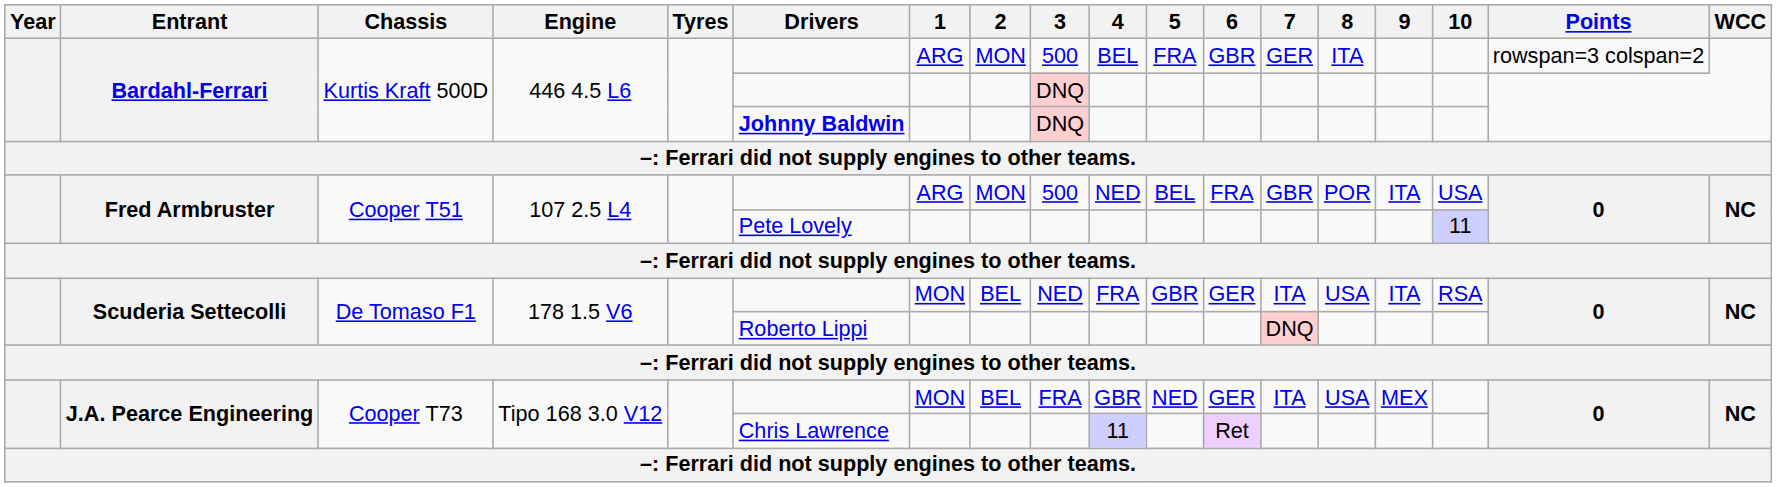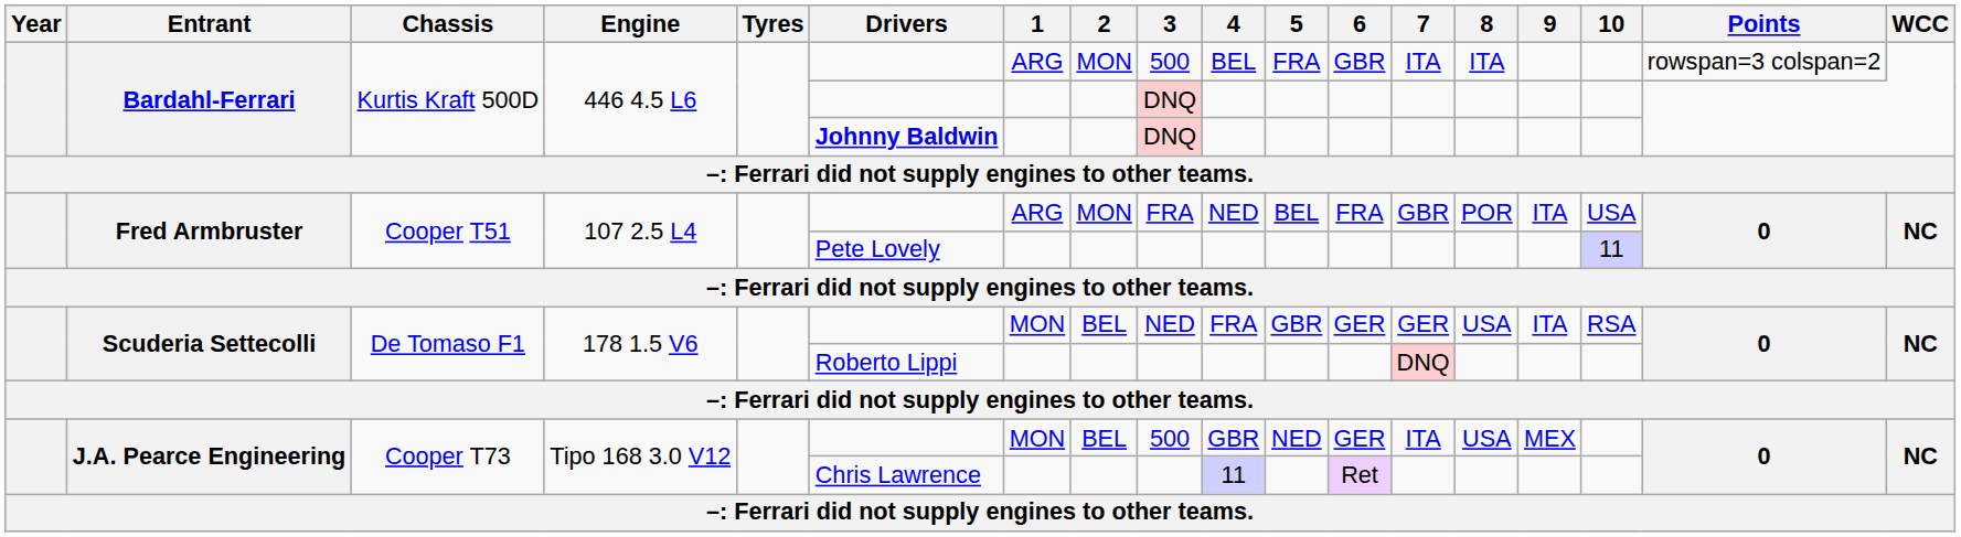 <table class="wikitable" style="text-align:center; font-size:85%">
 <tr>
 <th>Year</th>
 <th>Entrant</th>
 <th>Chassis</th>
 <th>Engine</th>
 <th>Tyres</th>
 <th>Drivers</th>
 <th>1</th>
 <th>2</th>
 <th>3</th>
 <th>4</th>
 <th>5</th>
 <th>6</th>
 <th>7</th>
 <th>8</th>
 <th>9</th>
 <th>10</th>
 <th><a href='#'>Points</a></th>
 <th>WCC</th>
 </tr>
 <tr>
 <th rowspan=3></th>
 <th rowspan=3><a href='#'>Bardahl-Ferrari</a></th>
 <td rowspan=3><a href='#'>Kurtis Kraft</a> 500D</td>
 <td rowspan=3>446 4.5 <a href='#'>L6</a></td>
 <td rowspan=3></td>
 <td></td>
 <td><a href='#'>ARG</a></td>
 <td><a href='#'>MON</a></td>
 <td><a href='#'>500</a></td>
 <td><a href='#'>BEL</a></td>
 <td><a href='#'>FRA</a></td>
 <td><a href='#'>GBR</a></td>
-<td><a href='#'>GER</a></td>
+<td><a href='#'>ITA</a></td>
 <td><a href='#'>ITA</a></td>
 <td></td>
 <td></td>
 <td>rowspan=3 colspan=2 </td>
 </tr>
 <tr>
 <td align="left"></td>
 <td></td>
 <td></td>
 <td style="background-color:#FFCFCF">DNQ</td>
 <td></td>
 <td></td>
 <td></td>
 <td></td>
 <td></td>
 <td></td>
 <td></td>
 </tr>
 <tr>
 <td align="left"><strong> <a href='#'>Johnny Baldwin</a></strong></td>
 <td></td>
 <td></td>
 <td style="background-color:#FFCFCF">DNQ</td>
 <td></td>
 <td></td>
 <td></td>
 <td></td>
 <td></td>
 <td></td>
 <td></td>
 </tr>
 <tr>
 <th colspan="29">–: Ferrari did not supply engines to other teams.</th>
 </tr>
 <tr>
 <th rowspan=2></th>
 <th rowspan=2>Fred Armbruster</th>
 <td rowspan=2><a href='#'>Cooper</a> <a href='#'>T51</a></td>
 <td rowspan=2>107 2.5 <a href='#'>L4</a></td>
 <td rowspan=2></td>
 <td></td>
 <td><a href='#'>ARG</a></td>
 <td><a href='#'>MON</a></td>
-<td><a href='#'>500</a></td>
+<td><a href='#'>FRA</a></td>
 <td><a href='#'>NED</a></td>
 <td><a href='#'>BEL</a></td>
 <td><a href='#'>FRA</a></td>
 <td><a href='#'>GBR</a></td>
 <td><a href='#'>POR</a></td>
 <td><a href='#'>ITA</a></td>
 <td><a href='#'>USA</a></td>
 <th rowspan="2">0</th>
 <th rowspan="2">NC</th>
 </tr>
 <tr>
 <td align="left"> <a href='#'>Pete Lovely</a></td>
 <td></td>
 <td></td>
 <td></td>
 <td></td>
 <td></td>
 <td></td>
 <td></td>
 <td></td>
 <td></td>
 <td style="background-color:#CFCFFF">11</td>
 </tr>
 <tr>
 <th colspan="29">–: Ferrari did not supply engines to other teams.</th>
 </tr>
 <tr>
 <th rowspan="2"></th>
 <th rowspan="2">Scuderia Settecolli</th>
 <td rowspan="2"><a href='#'>De Tomaso F1</a></td>
 <td rowspan="2">178 1.5 <a href='#'>V6</a></td>
 <td rowspan="2"></td>
 <td></td>
 <td><a href='#'>MON</a></td>
 <td><a href='#'>BEL</a></td>
 <td><a href='#'>NED</a></td>
 <td><a href='#'>FRA</a></td>
 <td><a href='#'>GBR</a></td>
 <td><a href='#'>GER</a></td>
-<td><a href='#'>ITA</a></td>
+<td><a href='#'>GER</a></td>
 <td><a href='#'>USA</a></td>
 <td><a href='#'>ITA</a></td>
 <td><a href='#'>RSA</a></td>
 <th rowspan="2">0</th>
 <th rowspan="2">NC</th>
 </tr>
 <tr>
 <td align="left"> <a href='#'>Roberto Lippi</a></td>
 <td></td>
 <td></td>
 <td></td>
 <td></td>
 <td></td>
 <td></td>
 <td style="background-color:#FFCFCF">DNQ</td>
 <td></td>
 <td></td>
 <td></td>
 </tr>
 <tr>
 <th colspan="29">–: Ferrari did not supply engines to other teams.</th>
 </tr>
 <tr>
 <th rowspan="2"></th>
 <th rowspan="2">J.A. Pearce Engineering</th>
 <td rowspan="2"><a href='#'>Cooper</a> T73</td>
 <td rowspan="2">Tipo 168 3.0 <a href='#'>V12</a></td>
 <td rowspan="2"></td>
 <td></td>
 <td><a href='#'>MON</a></td>
 <td><a href='#'>BEL</a></td>
-<td><a href='#'>FRA</a></td>
+<td><a href='#'>500</a></td>
 <td><a href='#'>GBR</a></td>
 <td><a href='#'>NED</a></td>
 <td><a href='#'>GER</a></td>
 <td><a href='#'>ITA</a></td>
 <td><a href='#'>USA</a></td>
 <td><a href='#'>MEX</a></td>
 <td></td>
 <th rowspan="2">0</th>
 <th rowspan="2">NC</th>
 </tr>
 <tr>
 <td align="left"> <a href='#'>Chris Lawrence</a></td>
 <td></td>
 <td></td>
 <td></td>
 <td style="background-color:#CFCFFF">11</td>
 <td></td>
 <td style="background-color:#EFCFFF">Ret</td>
 <td></td>
 <td></td>
 <td></td>
 <td></td>
 </tr>
 <tr>
 <th colspan="29">–: Ferrari did not supply engines to other teams.</th>
 </tr>
 </table>
